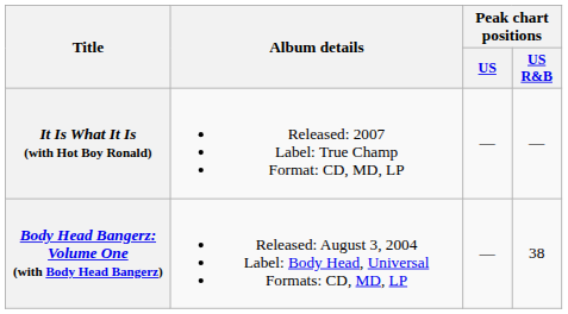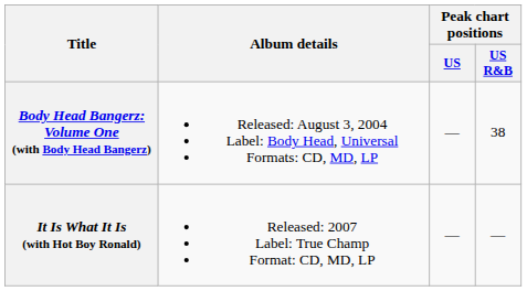 <table class="wikitable plainrowheaders" style="text-align:center;">
 <tr>
 <th scope="col" rowspan="2" style="width:10em;">Title</th>
 <th scope="col" rowspan="2" style="width:18em;">Album details</th>
 <th scope="col" colspan="2">Peak chart positions</th>
 </tr>
 <tr>
 <th style="width:3em;font-size:90%;"><a href='#'>US</a><br></th>
 <th style="width:3em;font-size:90%;"><a href='#'>US R&B</a><br></th>
 </tr>
 <tr>
+<th scope="row"><em><a href='#'>Body Head Bangerz: Volume One</a></em><br><small>(with <a href='#'>Body Head Bangerz</a>)</small></th>
+<td><br><ul><li>Released: August 3, 2004</li><li>Label: <a href='#'>Body Head</a>, <a href='#'>Universal</a></li><li>Formats: CD, <a href='#'>MD</a>, <a href='#'>LP</a></li></ul></td>
+<td>—</td>
+<td>38</td>
+</tr>
+<tr>
 <th scope="row"><em>It Is What It Is</em><br><small>(with Hot Boy Ronald)</small></th>
 <td><br><ul><li>Released: 2007</li><li>Label:  True Champ</li><li>Format: CD, MD, LP</li></ul></td>
 <td>—</td>
 <td>—</td>
 </tr>
-<tr>
-<th scope="row"><em><a href='#'>Body Head Bangerz: Volume One</a></em><br><small>(with <a href='#'>Body Head Bangerz</a>)</small></th>
-<td><br><ul><li>Released: August 3, 2004</li><li>Label: <a href='#'>Body Head</a>, <a href='#'>Universal</a></li><li>Formats: CD, <a href='#'>MD</a>, <a href='#'>LP</a></li></ul></td>
-<td>—</td>
-<td>38</td>
-</tr>
 </table>
